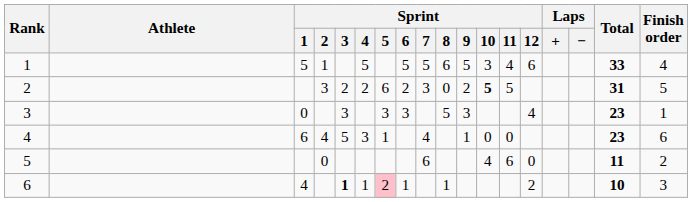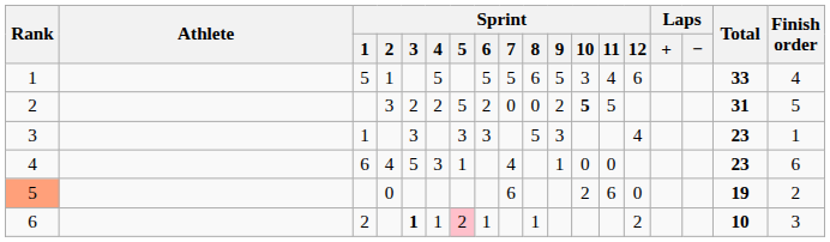 <table class="wikitable" style="text-align:center">
 <tr>
 <th rowspan=2 width=40>Rank</th>
 <th rowspan=2 width=250>Athlete</th>
 <th colspan=12>Sprint</th>
 <th colspan=2>Laps</th>
 <th rowspan=2 width=40>Total</th>
 <th rowspan=2 width=40>Finish order</th>
 </tr>
 <tr>
 <th width=14>1</th>
 <th width=14>2</th>
 <th width=14>3</th>
 <th width=14>4</th>
 <th width=14>5</th>
 <th width=14>6</th>
 <th width=14>7</th>
 <th width=14>8</th>
 <th width=14>9</th>
 <th width=14>10</th>
 <th width=14>11</th>
 <th width=14>12</th>
 <th width=20>+</th>
 <th width=20>−</th>
 </tr>
 <tr>
 <td>1</td>
 <td align=left></td>
 <td>5</td>
 <td>1</td>
 <td></td>
 <td>5</td>
 <td></td>
 <td>5</td>
 <td>5</td>
 <td>6</td>
 <td>5</td>
 <td>3</td>
 <td>4</td>
 <td>6</td>
 <td></td>
 <td></td>
 <td><strong>33</strong></td>
 <td>4</td>
 </tr>
 <tr>
 <td>2</td>
 <td align=left></td>
 <td></td>
 <td>3</td>
 <td>2</td>
 <td>2</td>
-<td>6</td>
+<td>5</td>
 <td>2</td>
-<td>3</td>
+<td>0</td>
 <td>0</td>
 <td>2</td>
 <td><strong>5</strong></td>
 <td>5</td>
 <td></td>
 <td></td>
 <td></td>
 <td><strong>31</strong></td>
 <td>5</td>
 </tr>
 <tr>
 <td>3</td>
 <td align=left></td>
-<td>0</td>
+<td>1</td>
 <td></td>
 <td>3</td>
 <td></td>
 <td>3</td>
 <td>3</td>
 <td></td>
 <td>5</td>
 <td>3</td>
 <td></td>
 <td></td>
 <td>4</td>
 <td></td>
 <td></td>
 <td><strong>23</strong></td>
 <td>1</td>
 </tr>
 <tr>
 <td>4</td>
 <td align=left></td>
 <td>6</td>
 <td>4</td>
 <td>5</td>
 <td>3</td>
 <td>1</td>
 <td></td>
 <td>4</td>
 <td></td>
 <td>1</td>
 <td>0</td>
 <td>0</td>
 <td></td>
 <td></td>
 <td></td>
 <td><strong>23</strong></td>
 <td>6</td>
 </tr>
 <tr>
-<td>5</td>
+<td style="background: lightsalmon;">5</td>
 <td align=left></td>
 <td></td>
 <td>0</td>
 <td></td>
 <td></td>
 <td></td>
 <td></td>
 <td>6</td>
 <td></td>
 <td></td>
-<td>4</td>
+<td>2</td>
 <td>6</td>
 <td>0</td>
 <td></td>
 <td></td>
-<td><strong>11</strong></td>
+<td><strong>19</strong></td>
 <td>2</td>
 </tr>
 <tr>
 <td>6</td>
 <td align=left></td>
-<td>4</td>
+<td>2</td>
 <td></td>
 <td><strong>1</strong></td>
 <td>1</td>
 <td style="background: pink;">2</td>
 <td>1</td>
 <td></td>
 <td>1</td>
 <td></td>
 <td></td>
 <td></td>
 <td>2</td>
 <td></td>
 <td></td>
 <td><strong>10</strong></td>
 <td>3</td>
 </tr>
 </table>
